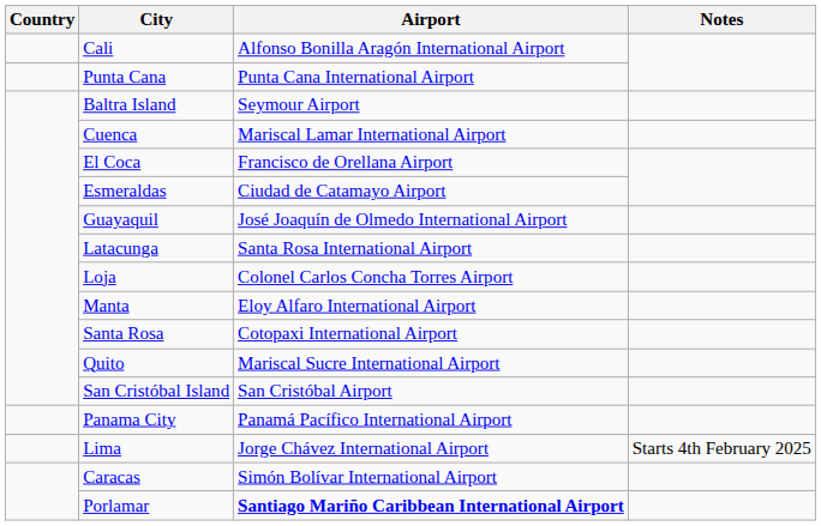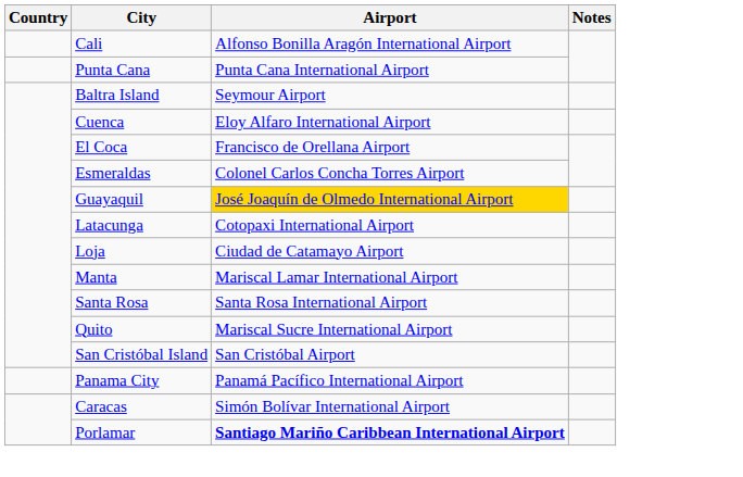 <table class="sortable wikitable">
 <tr>
 <th>Country</th>
 <th>City</th>
 <th>Airport</th>
 <th>Notes</th>
 </tr>
 <tr>
 <td></td>
 <td><a href='#'>Cali</a></td>
 <td><a href='#'>Alfonso Bonilla Aragón International Airport</a></td>
 </tr>
 <tr>
 <td></td>
 <td><a href='#'>Punta Cana</a></td>
 <td><a href='#'>Punta Cana International Airport</a></td>
 </tr>
 <tr>
 <td rowspan=11></td>
 <td><a href='#'>Baltra Island</a></td>
 <td><a href='#'>Seymour Airport</a></td>
 <td></td>
 </tr>
 <tr>
 <td><a href='#'>Cuenca</a></td>
-<td><a href='#'>Mariscal Lamar International Airport</a></td>
+<td><a href='#'>Eloy Alfaro International Airport</a></td>
 <td></td>
 </tr>
 <tr>
 <td><a href='#'>El Coca</a></td>
 <td><a href='#'>Francisco de Orellana Airport</a></td>
 </tr>
 <tr>
 <td><a href='#'>Esmeraldas</a></td>
-<td><a href='#'>Ciudad de Catamayo Airport</a></td>
+<td><a href='#'>Colonel Carlos Concha Torres Airport</a></td>
 </tr>
 <tr>
 <td><a href='#'>Guayaquil</a></td>
-<td><a href='#'>José Joaquín de Olmedo International Airport</a></td>
+<td style="background: gold;"><a href='#'>José Joaquín de Olmedo International Airport</a></td>
 <td></td>
 </tr>
 <tr>
 <td><a href='#'>Latacunga</a></td>
-<td><a href='#'>Santa Rosa International Airport</a></td>
+<td><a href='#'>Cotopaxi International Airport</a></td>
 <td></td>
 </tr>
 <tr>
 <td><a href='#'>Loja</a></td>
-<td><a href='#'>Colonel Carlos Concha Torres Airport</a></td>
+<td><a href='#'>Ciudad de Catamayo Airport</a></td>
 </tr>
 <tr>
 <td><a href='#'>Manta</a></td>
-<td><a href='#'>Eloy Alfaro International Airport</a></td>
+<td><a href='#'>Mariscal Lamar International Airport</a></td>
 <td></td>
 </tr>
 <tr>
 <td><a href='#'>Santa Rosa</a></td>
-<td><a href='#'>Cotopaxi International Airport</a></td>
+<td><a href='#'>Santa Rosa International Airport</a></td>
 </tr>
 <tr>
 <td><a href='#'>Quito</a></td>
 <td><a href='#'>Mariscal Sucre International Airport</a></td>
 <td></td>
 </tr>
 <tr>
 <td><a href='#'>San Cristóbal Island</a></td>
 <td><a href='#'>San Cristóbal Airport</a></td>
 <td></td>
 </tr>
 <tr>
 <td></td>
 <td><a href='#'>Panama City</a></td>
 <td><a href='#'>Panamá Pacífico International Airport</a></td>
 </tr>
 <tr>
-<td></td>
-<td><a href='#'>Lima</a></td>
-<td><a href='#'>Jorge Chávez International Airport</a></td>
-<td>Starts 4th February 2025</td>
-</tr>
-<tr>
 <td rowspan=2></td>
 <td><a href='#'>Caracas</a></td>
 <td><a href='#'>Simón Bolívar International Airport</a></td>
 <td></td>
 </tr>
 <tr>
 <td><a href='#'>Porlamar</a></td>
 <td><strong><a href='#'>Santiago Mariño Caribbean International Airport</a></strong></td>
 <td></td>
 </tr>
 </table>
